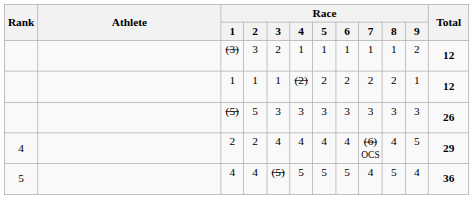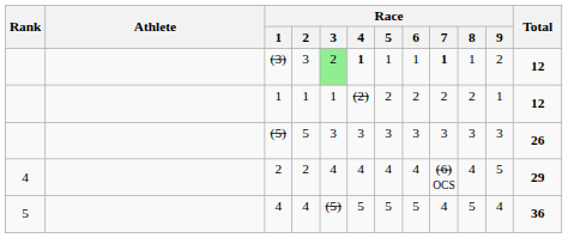 <table | class="wikitable" style="text-align:center">
 <tr>
 <th rowspan="2" width=40>Rank</th>
 <th rowspan="2" width=250>Athlete</th>
 <th colspan="9">Race</th>
 <th rowspan="2" width=50>Total</th>
 </tr>
 <tr>
 <th width=25>1</th>
 <th width=25>2</th>
 <th width=25>3</th>
 <th width=25>4</th>
 <th width=25>5</th>
 <th width=25>6</th>
 <th width=25>7</th>
 <th width=25>8</th>
 <th width=25>9</th>
 </tr>
 <tr>
 <td></td>
 <td align=left></td>
 <td><s>(3)</s><br> </td>
 <td>3<br> </td>
-<td>2<br> </td>
+<td style="background: lightgreen;">2<br> </td>
+<td><strong>1<br> </strong></td>
 <td>1<br> </td>
 <td>1<br> </td>
-<td>1<br> </td>
-<td>1<br> </td>
+<td><strong>1<br> </strong></td>
 <td>1<br> </td>
 <td>2<br> </td>
 <td><strong>12</strong></td>
 </tr>
 <tr>
 <td></td>
 <td align=left></td>
 <td>1<br> </td>
 <td>1<br> </td>
 <td>1<br> </td>
 <td><s>(2)</s><br> </td>
 <td>2<br> </td>
 <td>2<br> </td>
 <td>2<br> </td>
 <td>2<br> </td>
 <td>1<br> </td>
 <td><strong>12</strong></td>
 </tr>
 <tr>
 <td></td>
 <td align=left></td>
 <td><s>(5)</s><br> </td>
 <td>5<br> </td>
 <td>3<br> </td>
 <td>3<br> </td>
 <td>3<br> </td>
 <td>3<br> </td>
 <td>3<br> </td>
 <td>3<br> </td>
 <td>3<br> </td>
 <td><strong>26</strong></td>
 </tr>
 <tr>
 <td>4</td>
 <td align=left></td>
 <td>2<br> </td>
 <td>2<br> </td>
 <td>4<br> </td>
 <td>4<br> </td>
 <td>4<br> </td>
 <td>4<br> </td>
 <td><s>(6)</s><br><small>OCS</small></td>
 <td>4<br> </td>
 <td>5<br> </td>
 <td><strong>29</strong></td>
 </tr>
 <tr>
 <td>5</td>
 <td align=left></td>
 <td>4<br> </td>
 <td>4<br> </td>
 <td><s>(5)</s><br> </td>
 <td>5<br> </td>
 <td>5<br> </td>
 <td>5<br> </td>
 <td>4<br> </td>
 <td>5<br> </td>
 <td>4<br> </td>
 <td><strong>36</strong></td>
 </tr>
 </table>
